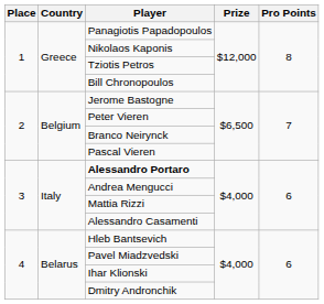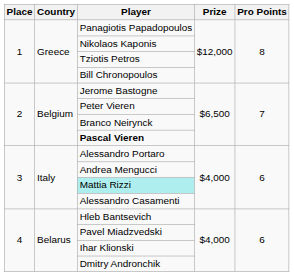 <table class="wikitable">
 <tr>
 <th>Place</th>
 <th>Country</th>
 <th>Player</th>
 <th>Prize</th>
 <th>Pro Points</th>
 </tr>
 <tr>
 <td rowspan="4" align=center>1</td>
 <td rowspan="4"> Greece</td>
 <td>Panagiotis Papadopoulos</td>
 <td rowspan="4" align=center>$12,000</td>
 <td rowspan="4" align=center>8</td>
 </tr>
 <tr>
 <td>Nikolaos Kaponis</td>
 </tr>
 <tr>
 <td>Tziotis Petros</td>
 </tr>
 <tr>
 <td>Bill Chronopoulos</td>
 </tr>
 <tr>
 <td rowspan="4" align=center>2</td>
 <td rowspan="4"> Belgium</td>
 <td>Jerome Bastogne</td>
 <td rowspan="4" align=center>$6,500</td>
 <td rowspan="4" align=center>7</td>
 </tr>
 <tr>
 <td>Peter Vieren</td>
 </tr>
 <tr>
 <td>Branco Neirynck</td>
 </tr>
 <tr>
-<td>Pascal Vieren</td>
+<td><strong>Pascal Vieren</strong></td>
 </tr>
 <tr>
 <td rowspan="4" align=center>3</td>
 <td rowspan="4"> Italy</td>
-<td><strong>Alessandro Portaro</strong></td>
+<td>Alessandro Portaro</td>
 <td rowspan="4" align=center>$4,000</td>
 <td rowspan="4" align=center>6</td>
 </tr>
 <tr>
 <td>Andrea Mengucci</td>
 </tr>
 <tr>
-<td>Mattia Rizzi</td>
+<td style="background: paleturquoise;">Mattia Rizzi</td>
 </tr>
 <tr>
 <td>Alessandro Casamenti</td>
 </tr>
 <tr>
 <td rowspan="4" align=center>4</td>
 <td rowspan="4"> Belarus</td>
 <td>Hleb Bantsevich</td>
 <td rowspan="4" align=center>$4,000</td>
 <td rowspan="4" align=center>6</td>
 </tr>
 <tr>
 <td>Pavel Miadzvedski</td>
 </tr>
 <tr>
 <td>Ihar Klionski</td>
 </tr>
 <tr>
 <td>Dmitry Andronchik</td>
 </tr>
 </table>
